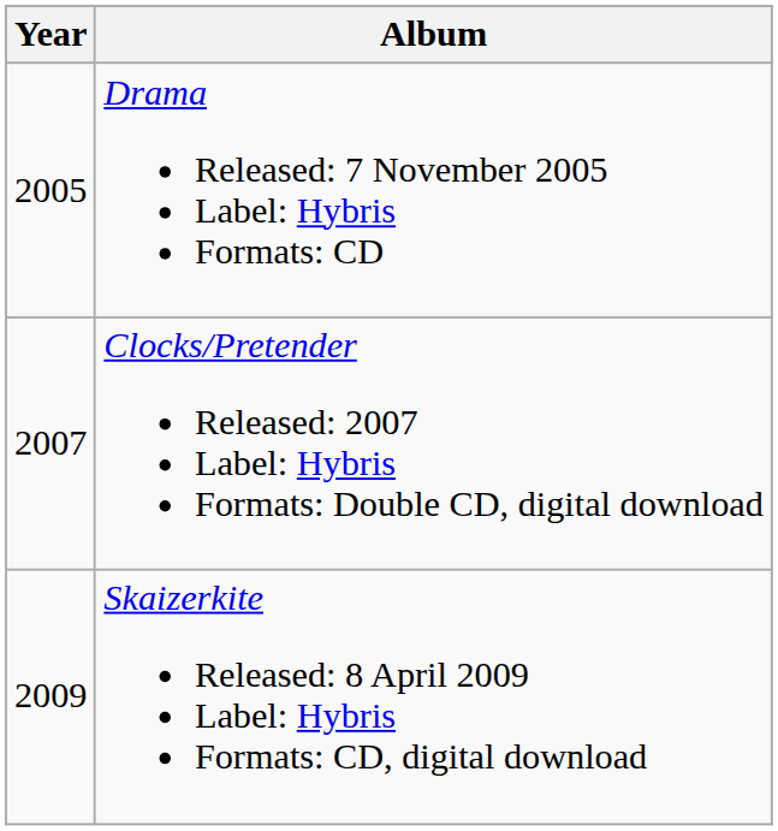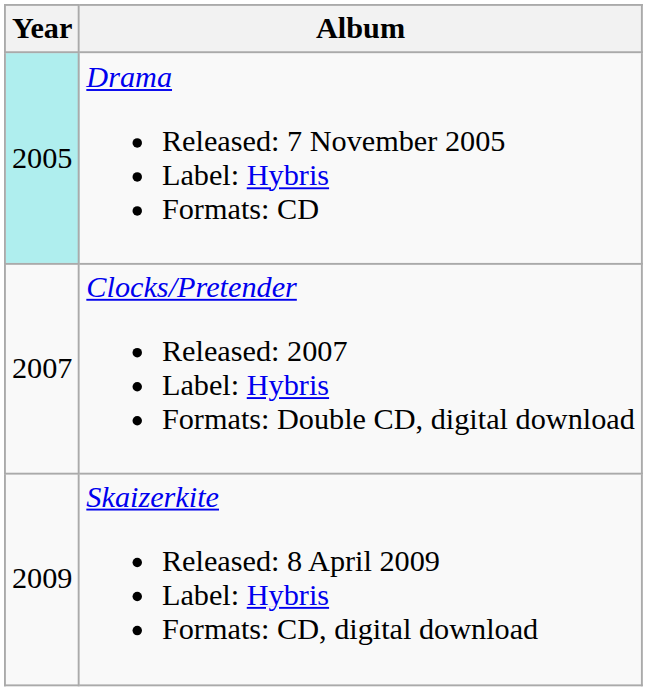 <table class="wikitable">
 <tr>
 <th>Year</th>
 <th>Album</th>
 </tr>
 <tr>
-<td>2005</td>
+<td style="background: paleturquoise;">2005</td>
 <td><em><a href='#'>Drama</a></em><br><ul><li>Released: 7 November 2005</li><li>Label: <a href='#'>Hybris</a></li><li>Formats: CD</li></ul></td>
 </tr>
 <tr>
 <td>2007</td>
 <td><em><a href='#'>Clocks/Pretender</a></em><br><ul><li>Released: 2007</li><li>Label: <a href='#'>Hybris</a></li><li>Formats: Double CD, digital download</li></ul></td>
 </tr>
 <tr>
 <td>2009</td>
 <td><em><a href='#'>Skaizerkite</a></em><br><ul><li>Released: 8 April 2009</li><li>Label: <a href='#'>Hybris</a></li><li>Formats: CD, digital download</li></ul></td>
 </tr>
 </table>
